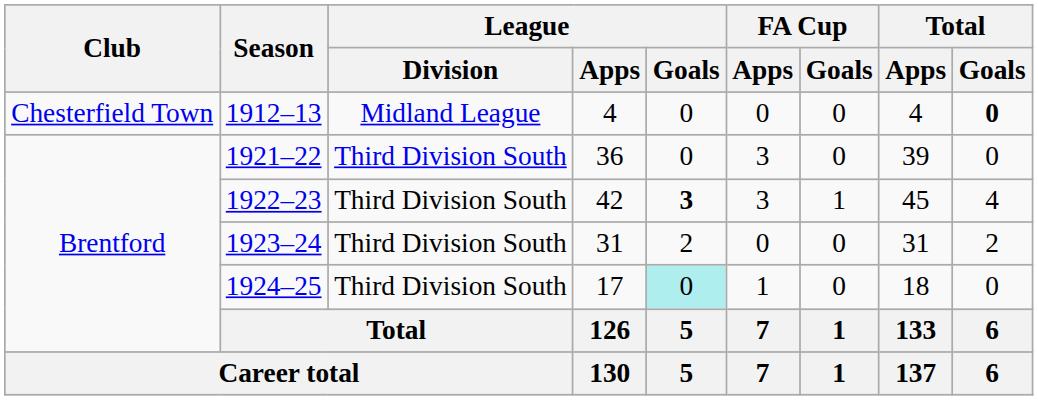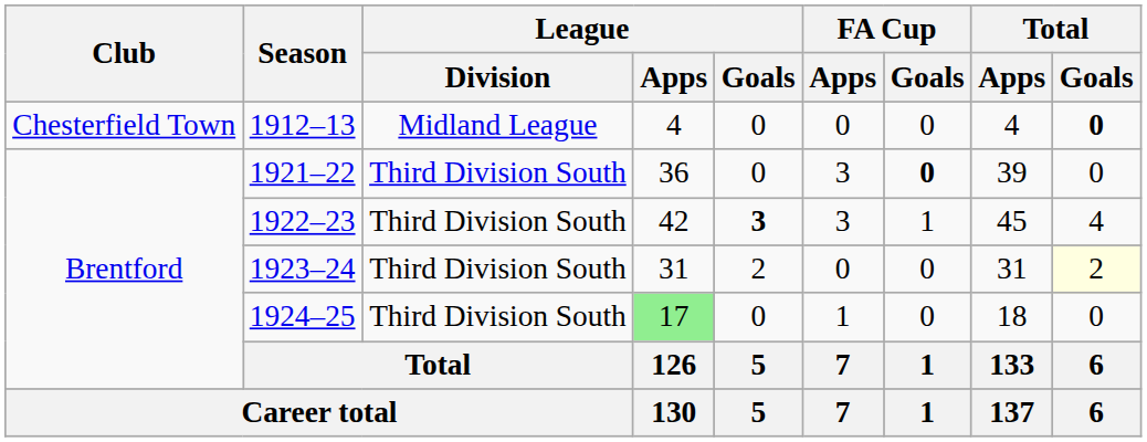 <table class="wikitable" style="text-align: center;">
 <tr>
 <th rowspan="2">Club</th>
 <th rowspan="2">Season</th>
 <th colspan="3">League</th>
 <th colspan="2">FA Cup</th>
 <th colspan="2">Total</th>
 </tr>
 <tr>
 <th>Division</th>
 <th>Apps</th>
 <th>Goals</th>
 <th>Apps</th>
 <th>Goals</th>
 <th>Apps</th>
 <th>Goals</th>
 </tr>
 <tr>
 <td><a href='#'>Chesterfield Town</a></td>
 <td><a href='#'>1912–13</a></td>
 <td><a href='#'>Midland League</a></td>
 <td>4</td>
 <td>0</td>
 <td>0</td>
 <td>0</td>
 <td>4</td>
 <td><strong>0</strong></td>
 </tr>
 <tr>
 <td rowspan="5"><a href='#'>Brentford</a></td>
 <td><a href='#'>1921–22</a></td>
 <td><a href='#'>Third Division South</a></td>
 <td>36</td>
 <td>0</td>
 <td>3</td>
-<td>0</td>
+<td><strong>0</strong></td>
 <td>39</td>
 <td>0</td>
 </tr>
 <tr>
 <td><a href='#'>1922–23</a></td>
 <td>Third Division South</td>
 <td>42</td>
 <td><strong>3</strong></td>
 <td>3</td>
 <td>1</td>
 <td>45</td>
 <td>4</td>
 </tr>
 <tr>
 <td><a href='#'>1923–24</a></td>
 <td>Third Division South</td>
 <td>31</td>
 <td>2</td>
 <td>0</td>
 <td>0</td>
 <td>31</td>
-<td>2</td>
+<td style="background: lightyellow;">2</td>
 </tr>
 <tr>
 <td><a href='#'>1924–25</a></td>
 <td>Third Division South</td>
-<td>17</td>
-<td style="background: paleturquoise;">0</td>
+<td style="background: lightgreen;">17</td>
+<td>0</td>
 <td>1</td>
 <td>0</td>
 <td>18</td>
 <td>0</td>
 </tr>
 <tr>
 <th colspan="2">Total</th>
 <th>126</th>
 <th>5</th>
 <th>7</th>
 <th>1</th>
 <th>133</th>
 <th>6</th>
 </tr>
 <tr>
 <th colspan="3">Career total</th>
 <th>130</th>
 <th>5</th>
 <th>7</th>
 <th>1</th>
 <th>137</th>
 <th>6</th>
 </tr>
 </table>
